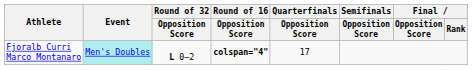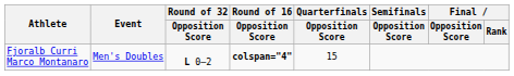 <table class="wikitable" style="text-align:center; font-size:90%">
 <tr>
 <th rowspan="2">Athlete</th>
 <th rowspan="2">Event</th>
 <th>Round of 32</th>
 <th>Round of 16</th>
 <th>Quarterfinals</th>
 <th>Semifinals</th>
 <th colspan="2">Final / </th>
 </tr>
 <tr style="font-size:95%">
 <th>Opposition<br>Score</th>
 <th>Opposition<br>Score</th>
 <th>Opposition<br>Score</th>
 <th>Opposition<br>Score</th>
 <th>Opposition<br>Score</th>
 <th>Rank</th>
 </tr>
 <tr>
 <td align="left"><a href='#'>Fjoralb Curri</a><br><a href='#'>Marco Montanaro</a></td>
-<td align="left" style="background: paleturquoise;"><a href='#'>Men's Doubles</a></td>
+<td align="left"><a href='#'>Men's Doubles</a></td>
 <td><br><strong>L</strong> 0–2</td>
 <td><strong>colspan="4" </strong></td>
-<td>17</td>
+<td>15</td>
 </tr>
 </table>
